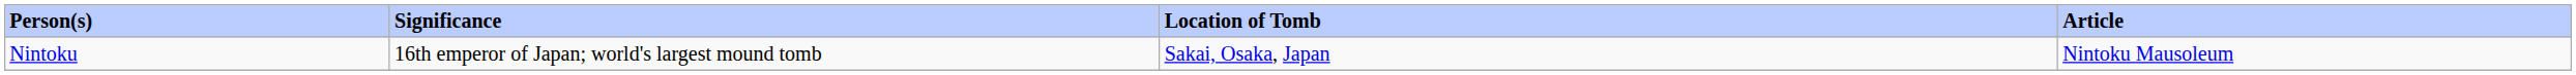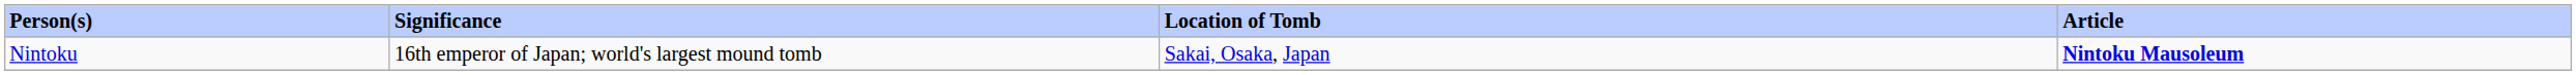 <table class="wikitable" width="100%" border="1" cellspacing="0" cellpadding="2">
 <tr>
 <td width="15%" bgcolor="#bbccff"><strong>Person(s)</strong></td>
 <td width="30%" bgcolor="#bbccff"><strong>Significance</strong></td>
 <td width="35%" bgcolor="#bbccff"><strong>Location of Tomb</strong></td>
 <td width="20%" bgcolor="#bbccff"><strong>Article</strong></td>
 </tr>
 <tr>
 <td><a href='#'>Nintoku</a></td>
 <td>16th emperor of Japan; world's largest mound tomb</td>
 <td><a href='#'>Sakai, Osaka</a>, <a href='#'>Japan</a></td>
-<td><a href='#'>Nintoku Mausoleum</a></td>
+<td><strong><a href='#'>Nintoku Mausoleum</a></strong></td>
 </tr>
 <tr>
 </tr>
 </table>
